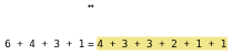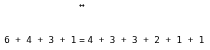 <table>
 <tr style="vertical-align:top; text-align:left;">
 <td><br><br><br></td>
 <td style="vertical-align:middle;">↔</td>
 <td><br><br><br><br><br></td>
 </tr>
 <tr style="vertical-align:top; text-align:center;">
 <td>6 + 4 + 3 + 1</td>
 <td>=</td>
-<td style="background: khaki;">4 + 3 + 3 + 2 + 1 + 1</td>
+<td>4 + 3 + 3 + 2 + 1 + 1</td>
 </tr>
 </table>
